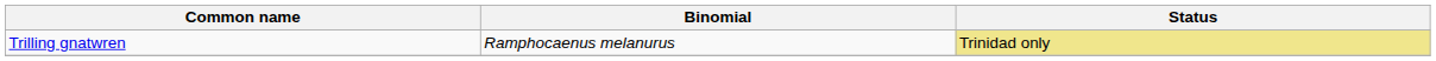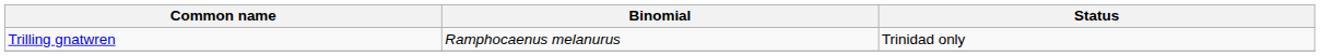 <table width=72% class="wikitable">
 <tr>
 <th width=24%>Common name</th>
 <th width=24%>Binomial</th>
 <th width=24%>Status</th>
 </tr>
 <tr>
 <td><a href='#'>Trilling gnatwren</a></td>
 <td><em>Ramphocaenus melanurus</em></td>
-<td style="background: khaki;">Trinidad only</td>
+<td>Trinidad only</td>
 </tr>
 <tr>
 </tr>
 </table>
